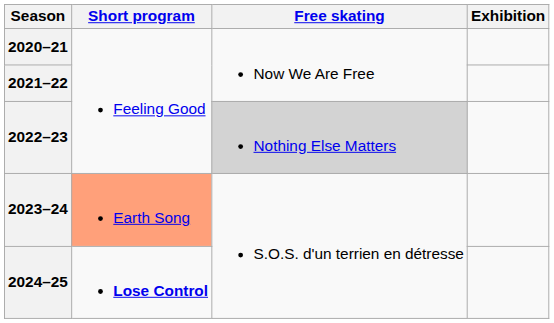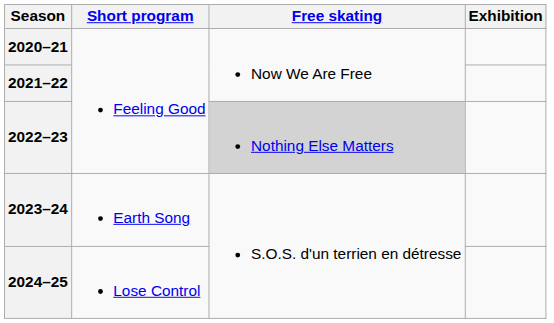 <table class="wikitable unsortable" style="text-align:left">
 <tr>
 <th>Season</th>
 <th><a href='#'>Short program</a></th>
 <th><a href='#'>Free skating</a></th>
 <th>Exhibition</th>
 </tr>
 <tr>
 <th scope="row">2020–21</th>
 <td rowspan=3><br><ul><li><a href='#'>Feeling Good</a> <br> </li></ul></td>
 <td rowspan=2><br><ul><li>Now We Are Free <br> </li></ul></td>
 <td></td>
 </tr>
 <tr>
 <th scope="row">2021–22</th>
 <td></td>
 </tr>
 <tr>
 <th scope="row">2022–23 <br> </th>
 <td style="background: lightgrey;"><br><ul><li><a href='#'>Nothing Else Matters</a> <br> </li></ul></td>
 <td></td>
 </tr>
 <tr>
 <th scope="row">2023–24 <br> </th>
-<td style="background: lightsalmon;"><br><ul><li><a href='#'>Earth Song</a> <br> </li></ul></td>
+<td><br><ul><li><a href='#'>Earth Song</a> <br> </li></ul></td>
 <td rowspan=2><br><ul><li>S.O.S. d'un terrien en détresse <br> </li></ul></td>
 <td></td>
 </tr>
 <tr>
 <th scope="row">2024–25 <br> </th>
-<td><strong><br><ul><li><a href='#'>Lose Control</a> <br> </li></ul></strong></td>
+<td><br><ul><li><a href='#'>Lose Control</a> <br> </li></ul></td>
 <td></td>
 </tr>
 </table>
